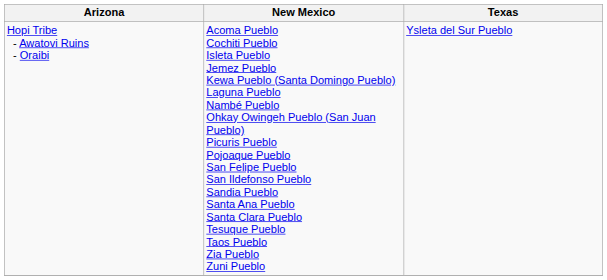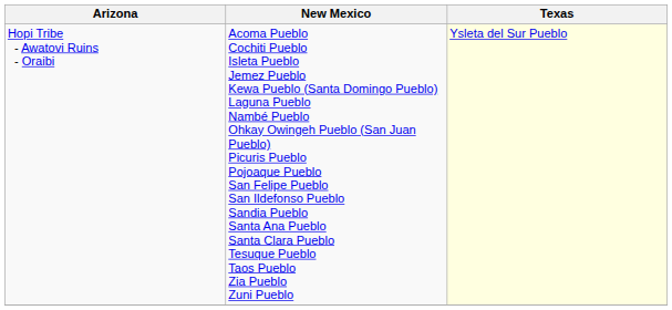 <table class="wikitable">
 <tr>
 <th scope="col" width="300px">Arizona</th>
 <th scope="col" width="300px">New Mexico</th>
 <th scope="col" width="300px">Texas</th>
 </tr>
 <tr valign="top">
 <td><a href='#'>Hopi Tribe</a><br>  - <a href='#'>Awatovi Ruins</a><br>  - <a href='#'>Oraibi</a></td>
 <td><a href='#'>Acoma Pueblo</a> <br><a href='#'>Cochiti Pueblo</a><br><a href='#'>Isleta Pueblo</a><br><a href='#'>Jemez Pueblo</a><br><a href='#'>Kewa Pueblo (Santa Domingo Pueblo)</a><br><a href='#'>Laguna Pueblo</a><br><a href='#'>Nambé Pueblo</a><br><a href='#'>Ohkay Owingeh Pueblo (San Juan Pueblo)</a><br><a href='#'>Picuris Pueblo</a><br><a href='#'>Pojoaque Pueblo</a> <br><a href='#'>San Felipe Pueblo</a><br><a href='#'>San Ildefonso Pueblo</a><br><a href='#'>Sandia Pueblo</a><br><a href='#'>Santa Ana Pueblo</a><br><a href='#'>Santa Clara Pueblo</a><br><a href='#'>Tesuque Pueblo</a><br><a href='#'>Taos Pueblo</a><br><a href='#'>Zia Pueblo</a><br><a href='#'>Zuni Pueblo</a></td>
-<td><a href='#'>Ysleta del Sur Pueblo</a></td>
+<td style="background: lightyellow;"><a href='#'>Ysleta del Sur Pueblo</a></td>
 </tr>
 <tr>
 </tr>
 </table>
